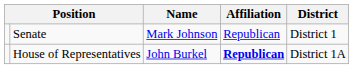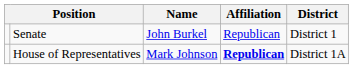 <table class="wikitable">
 <tr>
 <th colspan="2">Position</th>
 <th>Name</th>
 <th>Affiliation</th>
 <th>District</th>
 </tr>
 <tr>
 <td style="background-color:"></td>
 <td>Senate</td>
-<td><a href='#'>Mark Johnson</a></td>
+<td><a href='#'>John Burkel</a></td>
 <td><a href='#'>Republican</a></td>
 <td>District 1</td>
 </tr>
 <tr>
 <td style="background-color:"></td>
 <td>House of Representatives</td>
-<td><a href='#'>John Burkel</a></td>
+<td><a href='#'>Mark Johnson</a></td>
 <td><strong><a href='#'>Republican</a></strong></td>
 <td>District 1A</td>
 </tr>
 </table>
